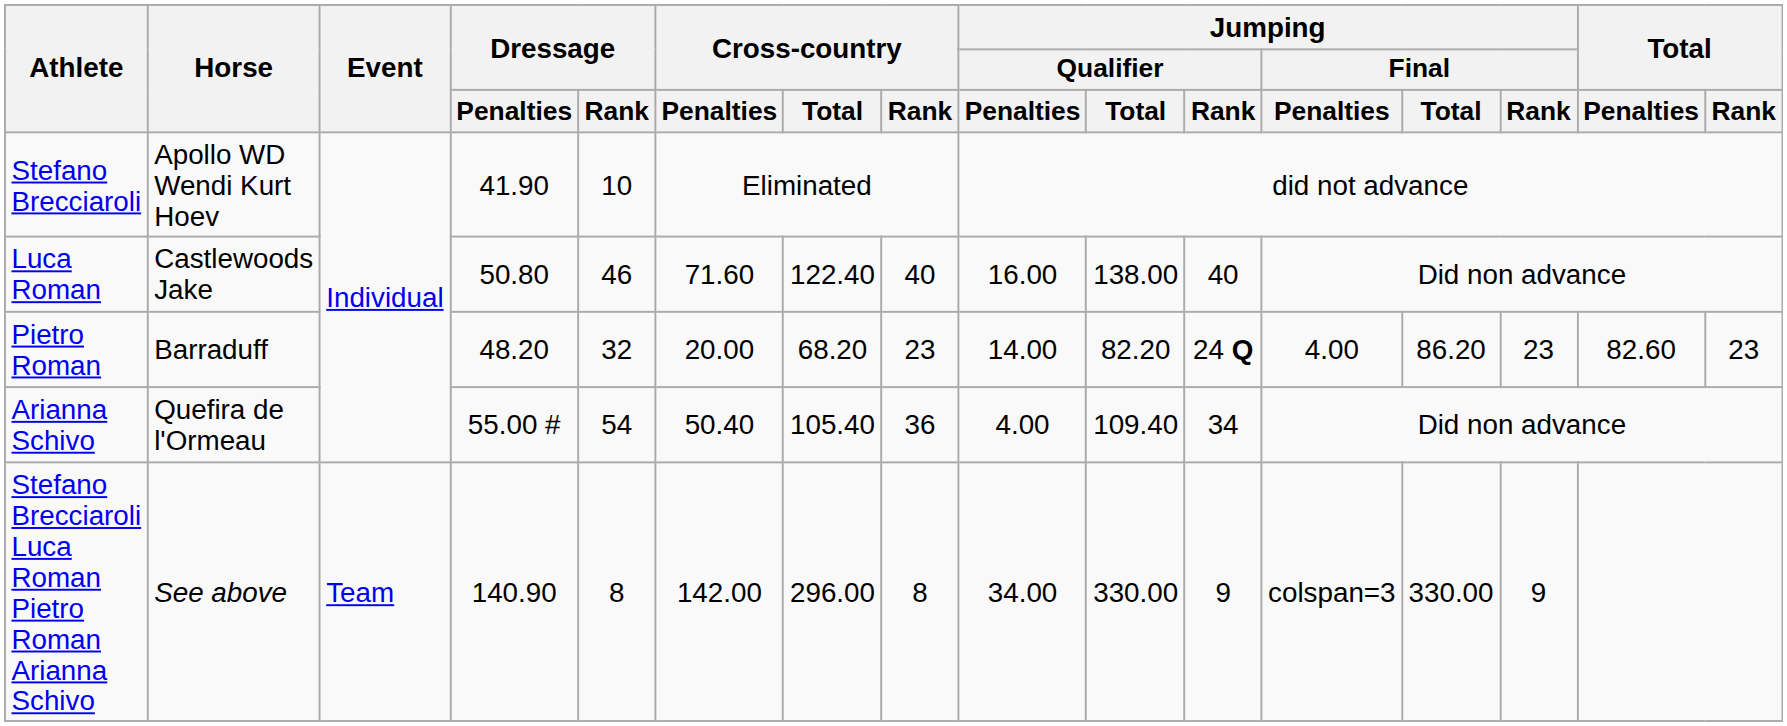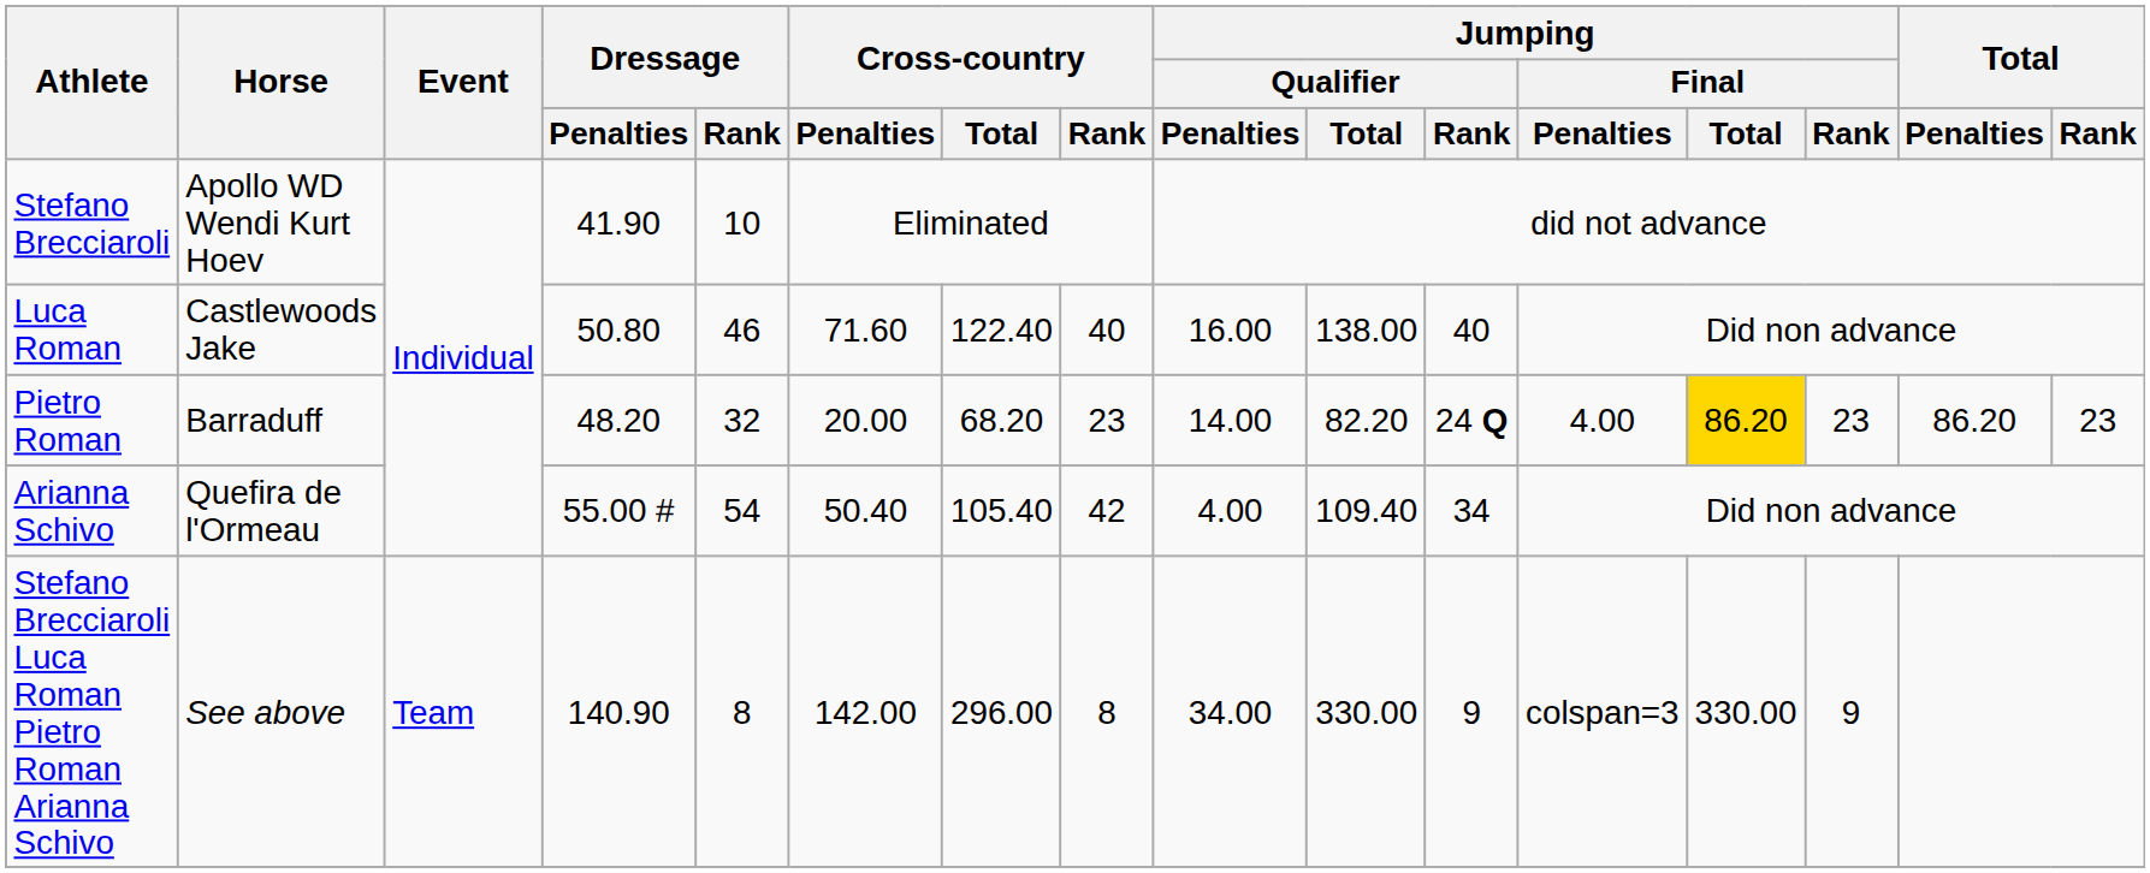 <table class=wikitable style="font-size:90%">
 <tr>
 <th rowspan="3">Athlete</th>
 <th rowspan="3">Horse</th>
 <th rowspan="3">Event</th>
 <th colspan="2" rowspan="2">Dressage</th>
 <th colspan="3" rowspan="2">Cross-country</th>
 <th colspan="6">Jumping</th>
 <th colspan="2" rowspan="2">Total</th>
 </tr>
 <tr style="font-size:95%">
 <th colspan="3">Qualifier</th>
 <th colspan="3">Final</th>
 </tr>
 <tr style="font-size:95%">
 <th>Penalties</th>
 <th>Rank</th>
 <th>Penalties</th>
 <th>Total</th>
 <th>Rank</th>
 <th>Penalties</th>
 <th>Total</th>
 <th>Rank</th>
 <th>Penalties</th>
 <th>Total</th>
 <th>Rank</th>
 <th>Penalties</th>
 <th>Rank</th>
 </tr>
 <tr align=center>
 <td align=left><a href='#'>Stefano Brecciaroli</a></td>
 <td align=left>Apollo WD Wendi Kurt Hoev</td>
 <td align=left rowspan=4><a href='#'>Individual</a></td>
 <td>41.90</td>
 <td>10</td>
 <td colspan=3>Eliminated</td>
 <td colspan=8>did not advance</td>
 </tr>
 <tr align=center>
 <td align=left><a href='#'>Luca Roman</a></td>
 <td align=left>Castlewoods Jake</td>
 <td>50.80</td>
 <td>46</td>
 <td>71.60</td>
 <td>122.40</td>
 <td>40</td>
 <td>16.00</td>
 <td>138.00</td>
 <td>40</td>
 <td colspan=5>Did non advance</td>
 </tr>
 <tr align=center>
 <td align=left><a href='#'>Pietro Roman</a></td>
 <td align=left>Barraduff</td>
 <td>48.20</td>
 <td>32</td>
 <td>20.00</td>
 <td>68.20</td>
 <td>23</td>
 <td>14.00</td>
 <td>82.20</td>
 <td>24 <strong>Q</strong></td>
 <td>4.00</td>
+<td style="background: gold;">86.20</td>
+<td>23</td>
 <td>86.20</td>
-<td>23</td>
-<td>82.60</td>
 <td>23</td>
 </tr>
 <tr align=center>
 <td align=left><a href='#'>Arianna Schivo</a></td>
 <td align=left>Quefira de l'Ormeau</td>
 <td>55.00 #</td>
 <td>54</td>
 <td>50.40</td>
 <td>105.40</td>
-<td>36</td>
+<td>42</td>
 <td>4.00</td>
 <td>109.40</td>
 <td>34</td>
 <td colspan=5>Did non advance</td>
 </tr>
 <tr align=center>
 <td align=left><a href='#'>Stefano Brecciaroli</a><br><a href='#'>Luca Roman</a><br><a href='#'>Pietro Roman</a><br><a href='#'>Arianna Schivo</a></td>
 <td align=left><em>See above</em></td>
 <td align=left><a href='#'>Team</a></td>
 <td>140.90</td>
 <td>8</td>
 <td>142.00</td>
 <td>296.00</td>
 <td>8</td>
 <td>34.00</td>
 <td>330.00</td>
 <td>9</td>
 <td>colspan=3 </td>
 <td>330.00</td>
 <td>9</td>
 </tr>
 </table>
